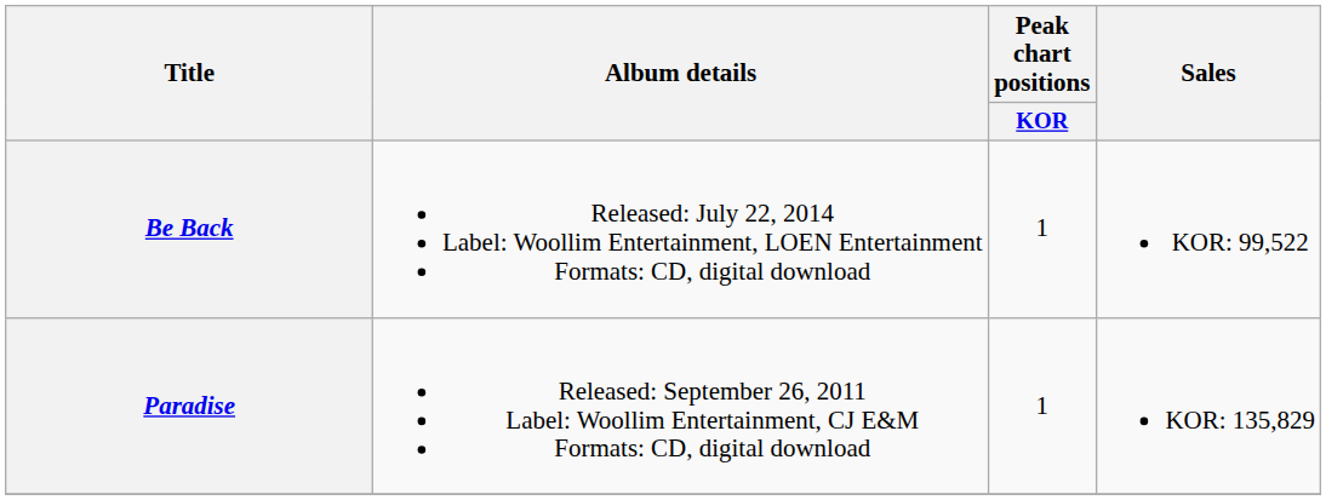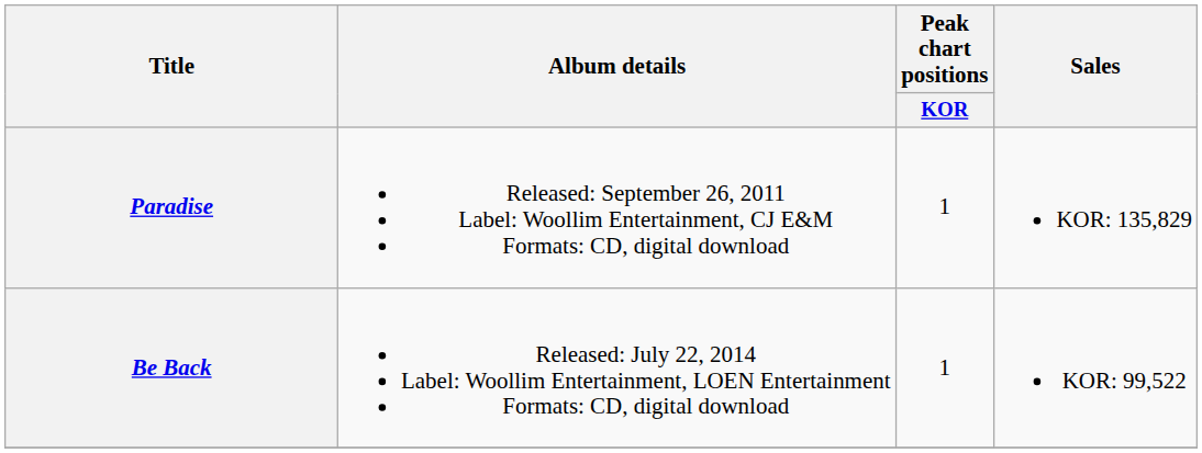 <table class="wikitable plainrowheaders" style="text-align:center;">
 <tr>
 <th scope="col" rowspan="2" style="width:14em;">Title</th>
 <th scope="col" rowspan="2">Album details</th>
 <th scope="col" colspan="1">Peak chart <br>positions</th>
 <th scope="col" rowspan="2">Sales</th>
 </tr>
 <tr>
 <th scope="col" style="width:3em;font-size:90%;"><a href='#'>KOR</a><br></th>
 </tr>
 <tr>
+<th scope="row"><em><a href='#'>Paradise</a></em></th>
+<td><br><ul><li>Released: September 26, 2011</li><li>Label: Woollim Entertainment, CJ E&M</li><li>Formats: CD, digital download</li></ul></td>
+<td>1</td>
+<td><br><ul><li>KOR: 135,829</li></ul></td>
+</tr>
+<tr>
 <th scope="row"><em><a href='#'>Be Back</a></em></th>
 <td><br><ul><li>Released: July 22, 2014</li><li>Label: Woollim Entertainment, LOEN Entertainment</li><li>Formats: CD, digital download</li></ul></td>
 <td>1</td>
 <td><br><ul><li>KOR: 99,522</li></ul></td>
 </tr>
 <tr>
-<th scope="row"><em><a href='#'>Paradise</a></em></th>
-<td><br><ul><li>Released: September 26, 2011</li><li>Label: Woollim Entertainment, CJ E&M</li><li>Formats: CD, digital download</li></ul></td>
-<td>1</td>
-<td><br><ul><li>KOR: 135,829</li></ul></td>
-</tr>
-<tr>
 </tr>
 </table>
